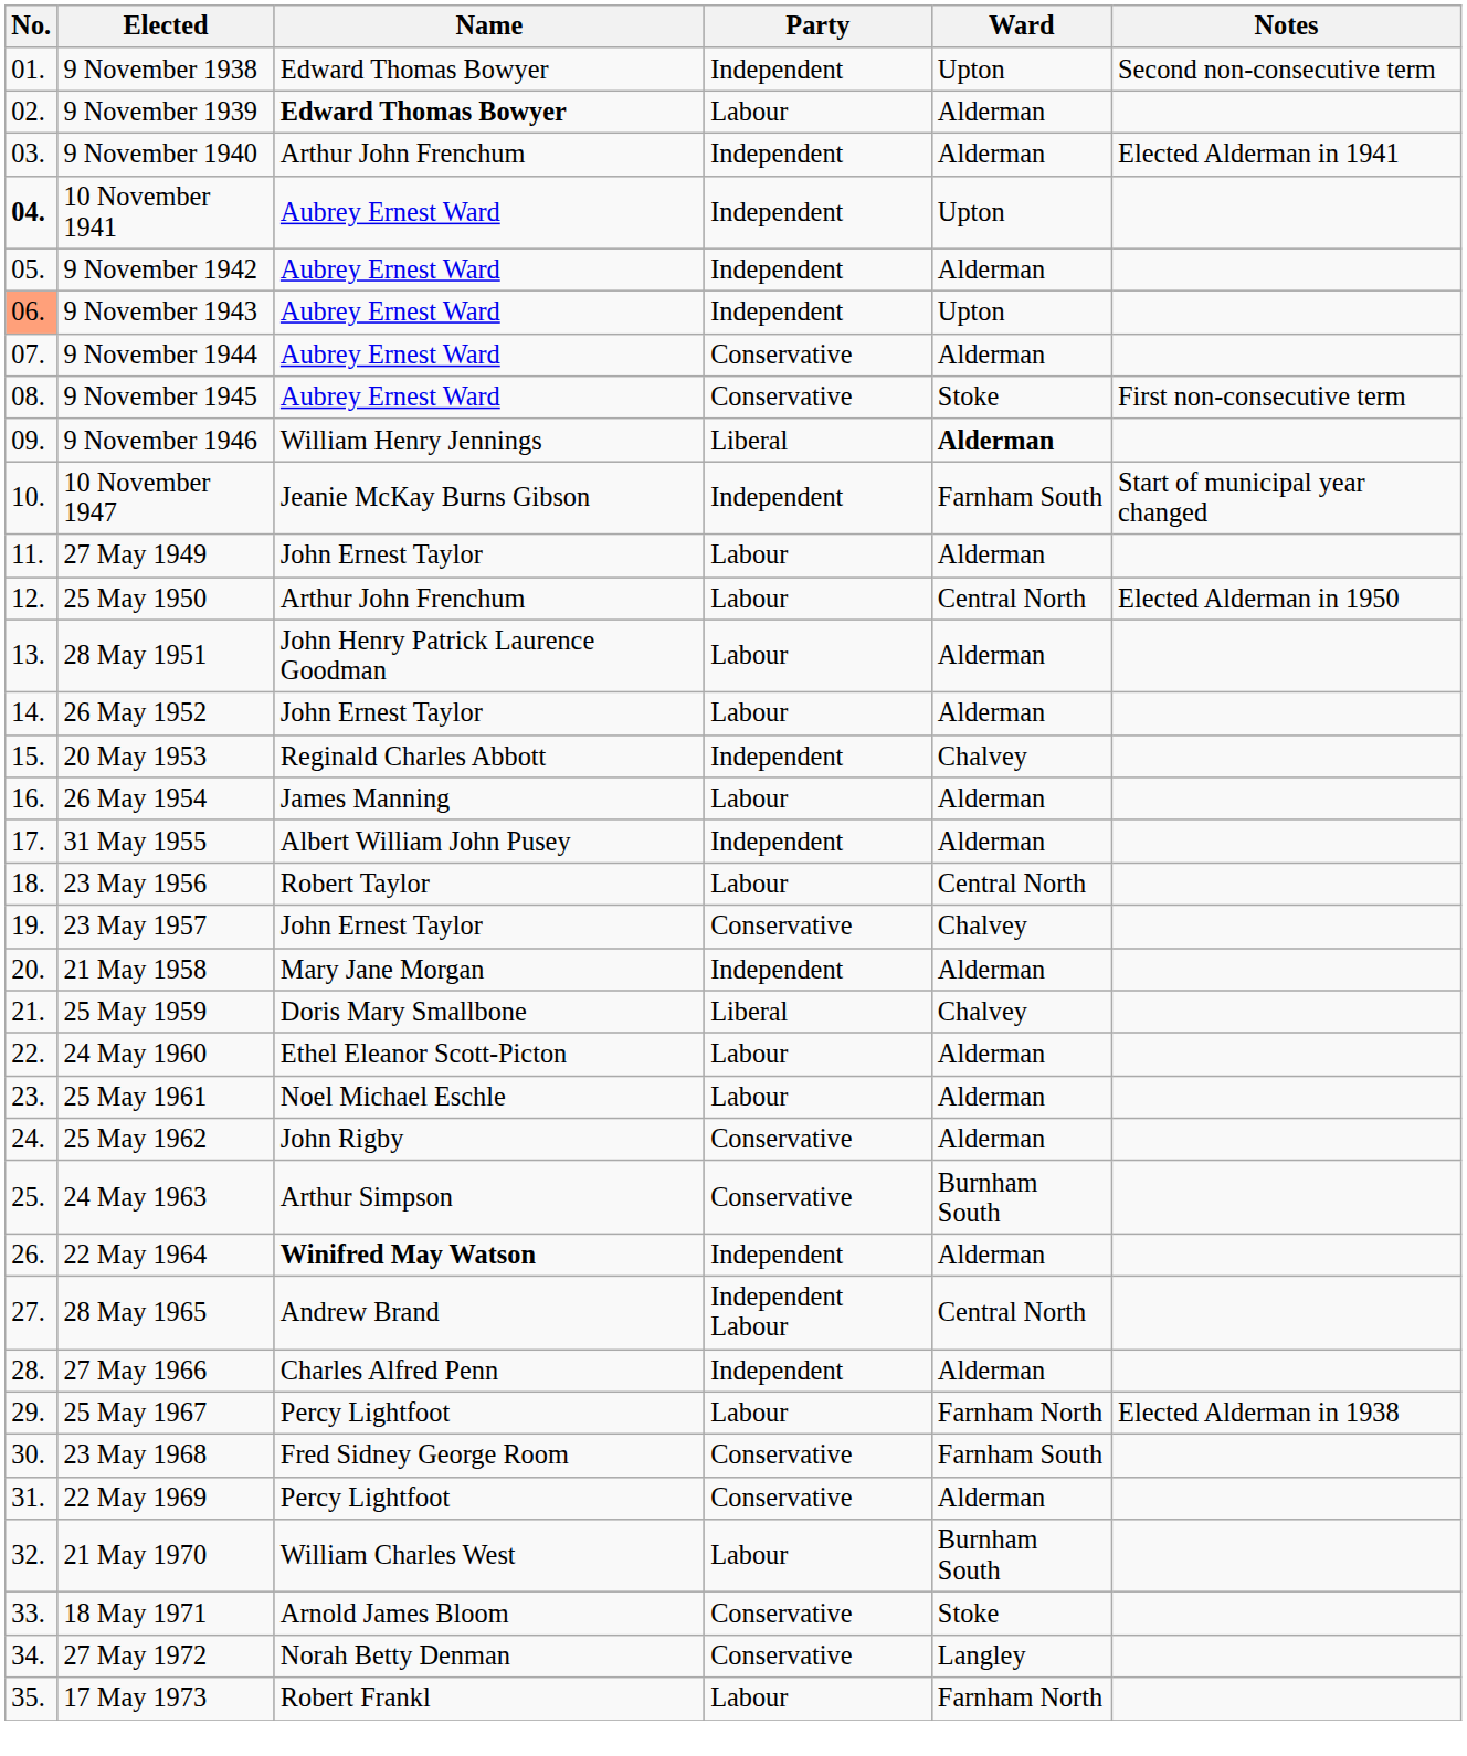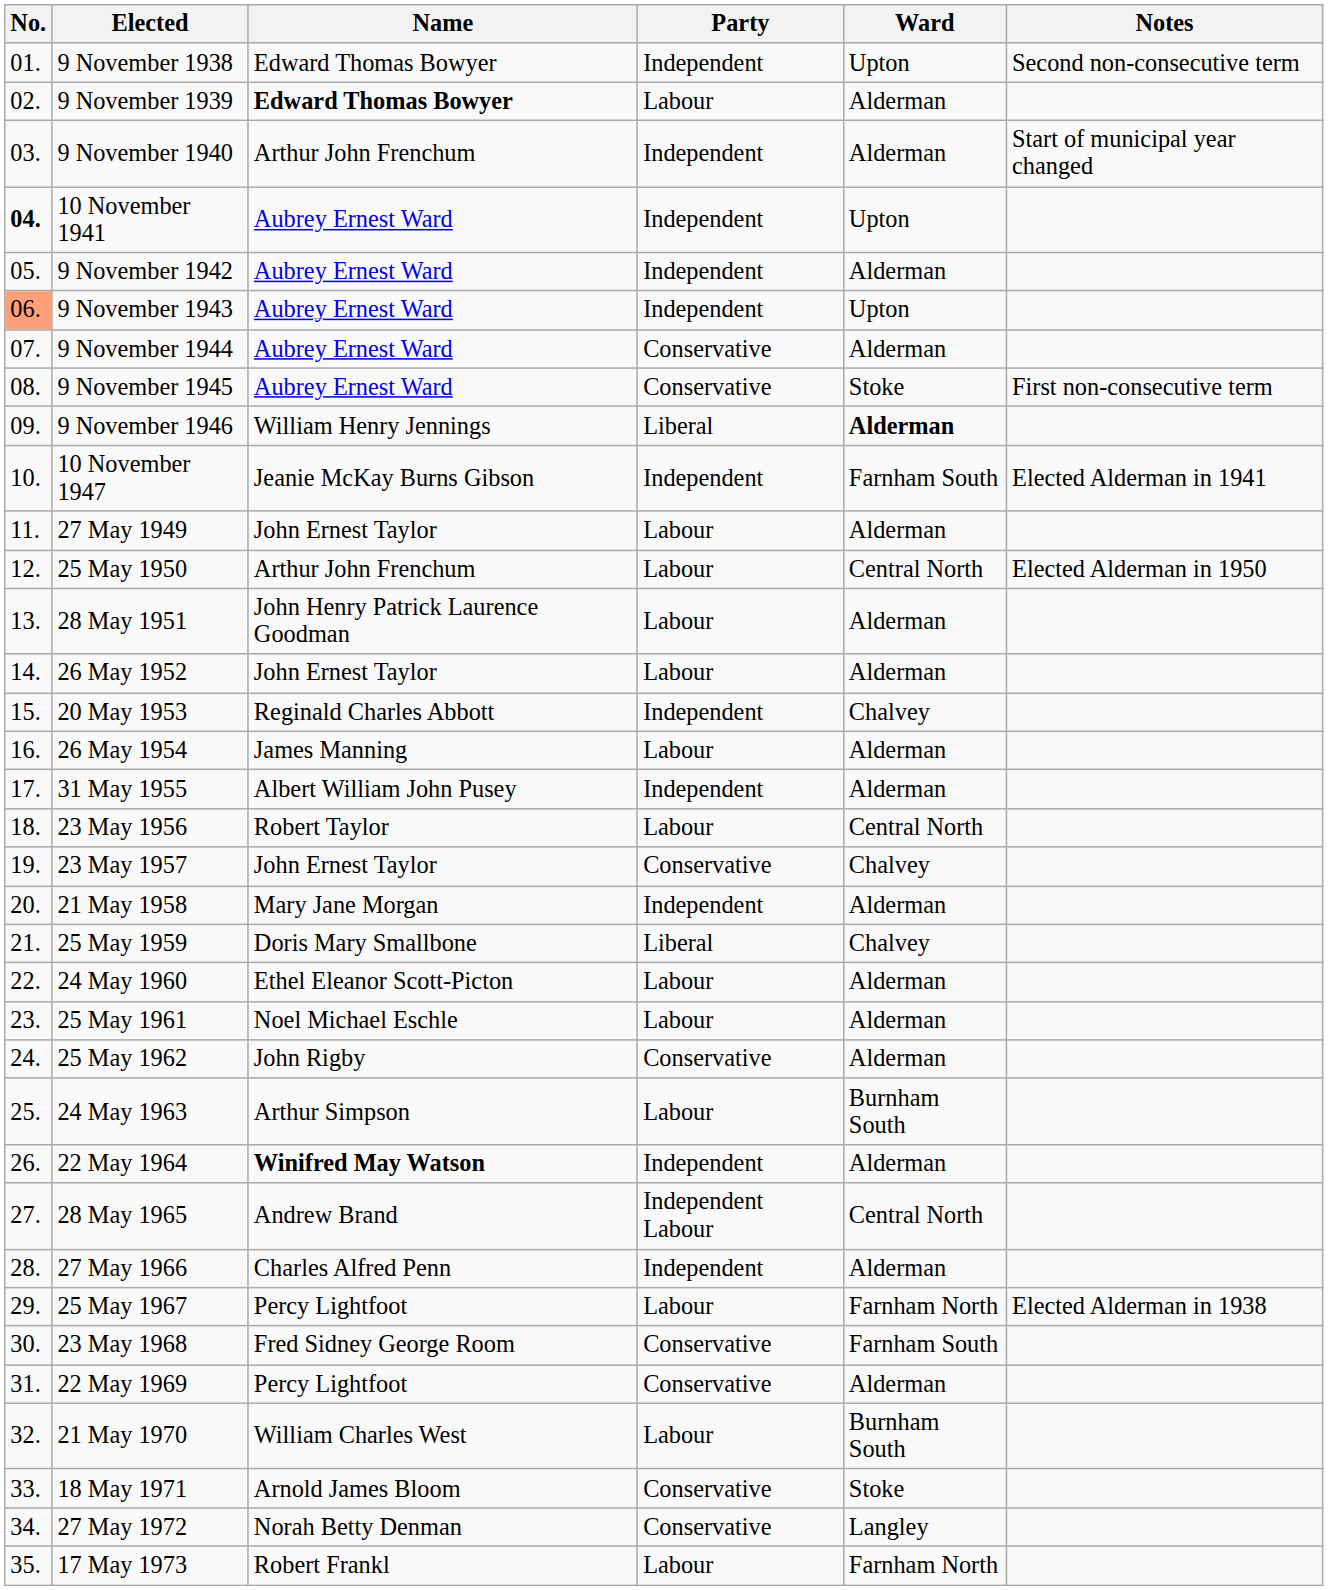 <table class="wikitable">
 <tr>
 <th>No.</th>
 <th>Elected</th>
 <th>Name</th>
 <th>Party</th>
 <th>Ward</th>
 <th>Notes</th>
 </tr>
 <tr>
 <td>01.</td>
 <td>9 November 1938</td>
 <td>Edward Thomas Bowyer</td>
 <td style="background-color: ">Independent</td>
 <td>Upton</td>
 <td>Second non-consecutive term</td>
 </tr>
 <tr>
 <td>02.</td>
 <td>9 November 1939</td>
 <td><strong>Edward Thomas Bowyer</strong></td>
 <td style="background-color: ">Labour</td>
 <td>Alderman</td>
 <td></td>
 </tr>
 <tr>
 <td>03.</td>
 <td>9 November 1940</td>
 <td>Arthur John Frenchum</td>
 <td style="background-color: ">Independent</td>
 <td>Alderman</td>
-<td>Elected Alderman in 1941</td>
+<td>Start of municipal year changed</td>
 </tr>
 <tr>
 <td><strong>04.</strong></td>
 <td>10 November 1941</td>
 <td><a href='#'>Aubrey Ernest Ward</a></td>
 <td style="background-color: ">Independent</td>
 <td>Upton</td>
 <td></td>
 </tr>
 <tr>
 <td>05.</td>
 <td>9 November 1942</td>
 <td><a href='#'>Aubrey Ernest Ward</a></td>
 <td style="background-color: ">Independent</td>
 <td>Alderman</td>
 <td></td>
 </tr>
 <tr>
 <td style="background: lightsalmon;">06.</td>
 <td>9 November 1943</td>
 <td><a href='#'>Aubrey Ernest Ward</a></td>
 <td style="background-color: ">Independent</td>
 <td>Upton</td>
 <td></td>
 </tr>
 <tr>
 <td>07.</td>
 <td>9 November 1944</td>
 <td><a href='#'>Aubrey Ernest Ward</a></td>
 <td style="background-color: ">Conservative</td>
 <td>Alderman</td>
 <td></td>
 </tr>
 <tr>
 <td>08.</td>
 <td>9 November 1945</td>
 <td><a href='#'>Aubrey Ernest Ward</a></td>
 <td style="background-color: ">Conservative</td>
 <td>Stoke</td>
 <td>First non-consecutive term</td>
 </tr>
 <tr>
 <td>09.</td>
 <td>9 November 1946</td>
 <td>William Henry Jennings</td>
 <td style="background-color: ">Liberal</td>
 <td><strong>Alderman</strong></td>
 <td></td>
 </tr>
 <tr>
 <td>10.</td>
 <td>10 November 1947</td>
 <td>Jeanie McKay Burns Gibson</td>
 <td style="background-color: ">Independent</td>
 <td>Farnham South</td>
-<td>Start of municipal year changed</td>
+<td>Elected Alderman in 1941</td>
 </tr>
 <tr>
 <td>11.</td>
 <td>27 May 1949</td>
 <td>John Ernest Taylor</td>
 <td style="background-color: ">Labour</td>
 <td>Alderman</td>
 <td></td>
 </tr>
 <tr>
 <td>12.</td>
 <td>25 May 1950</td>
 <td>Arthur John Frenchum</td>
 <td style="background-color: ">Labour</td>
 <td>Central North</td>
 <td>Elected Alderman in 1950</td>
 </tr>
 <tr>
 <td>13.</td>
 <td>28 May 1951</td>
 <td>John Henry Patrick Laurence Goodman</td>
 <td style="background-color: ">Labour</td>
 <td>Alderman</td>
 <td></td>
 </tr>
 <tr>
 <td>14.</td>
 <td>26 May 1952</td>
 <td>John Ernest Taylor</td>
 <td style="background-color: ">Labour</td>
 <td>Alderman</td>
 <td></td>
 </tr>
 <tr>
 <td>15.</td>
 <td>20 May 1953</td>
 <td>Reginald Charles Abbott</td>
 <td style="background-color: ">Independent</td>
 <td>Chalvey</td>
 <td></td>
 </tr>
 <tr>
 <td>16.</td>
 <td>26 May 1954</td>
 <td>James Manning</td>
 <td style="background-color: ">Labour</td>
 <td>Alderman</td>
 <td></td>
 </tr>
 <tr>
 <td>17.</td>
 <td>31 May 1955</td>
 <td>Albert William John Pusey</td>
 <td style="background-color: ">Independent</td>
 <td>Alderman</td>
 <td></td>
 </tr>
 <tr>
 <td>18.</td>
 <td>23 May 1956</td>
 <td>Robert Taylor</td>
 <td style="background-color: ">Labour</td>
 <td>Central North</td>
 <td></td>
 </tr>
 <tr>
 <td>19.</td>
 <td>23 May 1957</td>
 <td>John Ernest Taylor</td>
 <td style="background-color: ">Conservative</td>
 <td>Chalvey</td>
 <td></td>
 </tr>
 <tr>
 <td>20.</td>
 <td>21 May 1958</td>
 <td>Mary Jane Morgan</td>
 <td style="background-color: ">Independent</td>
 <td>Alderman</td>
 <td></td>
 </tr>
 <tr>
 <td>21.</td>
 <td>25 May 1959</td>
 <td>Doris Mary Smallbone</td>
 <td style="background-color: ">Liberal</td>
 <td>Chalvey</td>
 <td></td>
 </tr>
 <tr>
 <td>22.</td>
 <td>24 May 1960</td>
 <td>Ethel Eleanor Scott-Picton</td>
 <td style="background-color: ">Labour</td>
 <td>Alderman</td>
 <td></td>
 </tr>
 <tr>
 <td>23.</td>
 <td>25 May 1961</td>
 <td>Noel Michael Eschle</td>
 <td style="background-color: ">Labour</td>
 <td>Alderman</td>
 <td></td>
 </tr>
 <tr>
 <td>24.</td>
 <td>25 May 1962</td>
 <td>John Rigby</td>
 <td style="background-color: ">Conservative</td>
 <td>Alderman</td>
 <td></td>
 </tr>
 <tr>
 <td>25.</td>
 <td>24 May 1963</td>
 <td>Arthur Simpson</td>
-<td style="background-color: ">Conservative</td>
+<td style="background-color: ">Labour</td>
 <td>Burnham South</td>
 <td></td>
 </tr>
 <tr>
 <td>26.</td>
 <td>22 May 1964</td>
 <td><strong>Winifred May Watson</strong></td>
 <td style="background-color: ">Independent</td>
 <td>Alderman</td>
 <td></td>
 </tr>
 <tr>
 <td>27.</td>
 <td>28 May 1965</td>
 <td>Andrew Brand</td>
 <td style="background-color: ">Independent Labour</td>
 <td>Central North</td>
 <td></td>
 </tr>
 <tr>
 <td>28.</td>
 <td>27 May 1966</td>
 <td>Charles Alfred Penn</td>
 <td style="background-color: ">Independent</td>
 <td>Alderman</td>
 <td></td>
 </tr>
 <tr>
 <td>29.</td>
 <td>25 May 1967</td>
 <td>Percy Lightfoot</td>
 <td style="background-color: ">Labour</td>
 <td>Farnham North</td>
 <td>Elected Alderman in 1938</td>
 </tr>
 <tr>
 <td>30.</td>
 <td>23 May 1968</td>
 <td>Fred Sidney George Room</td>
 <td style="background-color: ">Conservative</td>
 <td>Farnham South</td>
 <td></td>
 </tr>
 <tr>
 <td>31.</td>
 <td>22 May 1969</td>
 <td>Percy Lightfoot</td>
 <td style="background-color: ">Conservative</td>
 <td>Alderman</td>
 <td></td>
 </tr>
 <tr>
 <td>32.</td>
 <td>21 May 1970</td>
 <td>William Charles West</td>
 <td style="background-color: ">Labour</td>
 <td>Burnham South</td>
 <td></td>
 </tr>
 <tr>
 <td>33.</td>
 <td>18 May 1971</td>
 <td>Arnold James Bloom</td>
 <td style="background-color: ">Conservative</td>
 <td>Stoke</td>
 <td></td>
 </tr>
 <tr>
 <td>34.</td>
 <td>27 May 1972</td>
 <td>Norah Betty Denman</td>
 <td style="background-color: ">Conservative</td>
 <td>Langley</td>
 <td></td>
 </tr>
 <tr>
 <td>35.</td>
 <td>17 May 1973</td>
 <td>Robert Frankl</td>
 <td style="background-color: ">Labour</td>
 <td>Farnham North</td>
 <td></td>
 </tr>
 <tr>
 </tr>
 </table>
